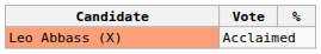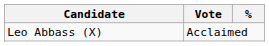 <table class="wikitable">
 <tr>
 <th bgcolor="#DDDDFF" width="200px">Candidate</th>
 <th bgcolor="#DDDDFF" width="50px">Vote</th>
 <th bgcolor="#DDDDFF" width="30px">%</th>
 </tr>
 <tr>
-<td style="background: lightsalmon;">Leo Abbass (X)</td>
+<td>Leo Abbass (X)</td>
 <td colspan="2">Acclaimed</td>
 </tr>
 </table>
